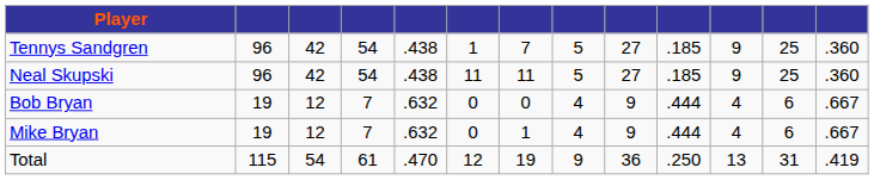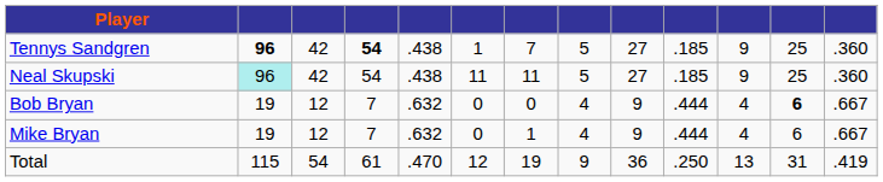 <table class="wikitable" style="text-align:center">
 <tr>
 <th style="background:#333399; color:#FF5800" width="200px">Player</th>
 <th style="background:#333399; color:#FF5800" width="40px"></th>
 <th style="background:#333399; color:#FF5800" width="40px"></th>
 <th style="background:#333399; color:#FF5800" width="40px"></th>
 <th style="background:#333399; color:#FF5800" width="40px"></th>
 <th style="background:#333399; color:#FF5800" width="40px"></th>
 <th style="background:#333399; color:#FF5800" width="40px"></th>
 <th style="background:#333399; color:#FF5800" width="40px"></th>
 <th style="background:#333399; color:#FF5800" width="40px"></th>
 <th style="background:#333399; color:#FF5800" width="40px"></th>
 <th style="background:#333399; color:#FF5800" width="40px"></th>
 <th style="background:#333399; color:#FF5800" width="40px"></th>
 <th style="background:#333399; color:#FF5800" width="40px"></th>
 </tr>
 <tr>
 <td style="text-align:left"><a href='#'>Tennys Sandgren</a></td>
-<td>96</td>
+<td><strong>96</strong></td>
 <td>42</td>
-<td>54</td>
+<td><strong>54</strong></td>
 <td>.438</td>
 <td>1</td>
 <td>7</td>
 <td>5</td>
 <td>27</td>
 <td>.185</td>
 <td>9</td>
 <td>25</td>
 <td>.360</td>
 </tr>
 <tr>
 <td style="text-align:left"><a href='#'>Neal Skupski</a></td>
-<td>96</td>
+<td style="background: paleturquoise;">96</td>
 <td>42</td>
 <td>54</td>
 <td>.438</td>
 <td>11</td>
 <td>11</td>
 <td>5</td>
 <td>27</td>
 <td>.185</td>
 <td>9</td>
 <td>25</td>
 <td>.360</td>
 </tr>
 <tr>
 <td style="text-align:left"><a href='#'>Bob Bryan</a></td>
 <td>19</td>
 <td>12</td>
 <td>7</td>
 <td>.632</td>
 <td>0</td>
 <td>0</td>
 <td>4</td>
 <td>9</td>
 <td>.444</td>
 <td>4</td>
-<td>6</td>
+<td><strong>6</strong></td>
 <td>.667</td>
 </tr>
 <tr>
 <td style="text-align:left"><a href='#'>Mike Bryan</a></td>
 <td>19</td>
 <td>12</td>
 <td>7</td>
 <td>.632</td>
 <td>0</td>
 <td>1</td>
 <td>4</td>
 <td>9</td>
 <td>.444</td>
 <td>4</td>
 <td>6</td>
 <td>.667</td>
 </tr>
 <tr>
 <td style="text-align:left">Total</td>
 <td>115</td>
 <td>54</td>
 <td>61</td>
 <td>.470</td>
 <td>12</td>
 <td>19</td>
 <td>9</td>
 <td>36</td>
 <td>.250</td>
 <td>13</td>
 <td>31</td>
 <td>.419</td>
 </tr>
 </table>
